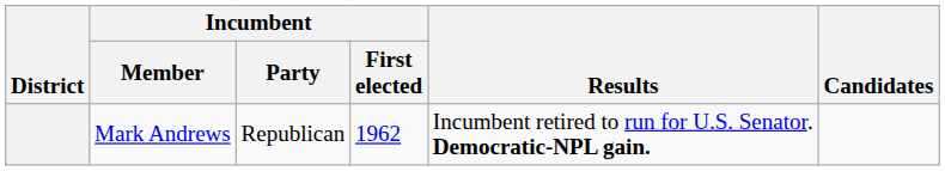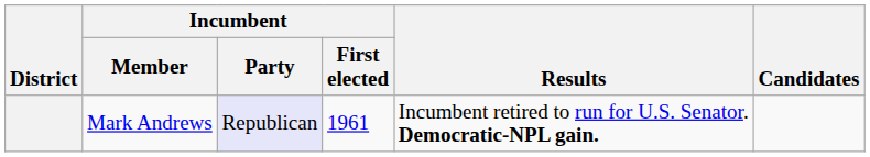 <table class=wikitable>
 <tr valign=bottom>
 <th rowspan=2>District</th>
 <th colspan=3>Incumbent</th>
 <th rowspan=2>Results</th>
 <th rowspan=2>Candidates</th>
 </tr>
 <tr>
 <th>Member</th>
 <th>Party</th>
 <th>First<br>elected</th>
 </tr>
 <tr>
 <th></th>
 <td><a href='#'>Mark Andrews</a></td>
-<td>Republican</td>
-<td><a href='#'>1962</a></td>
+<td style="background: lavender;">Republican</td>
+<td><a href='#'>1961</a></td>
 <td>Incumbent retired to <a href='#'>run for U.S. Senator</a>.<br><strong>Democratic-NPL gain.</strong></td>
 <td nowrap></td>
 </tr>
 </table>
